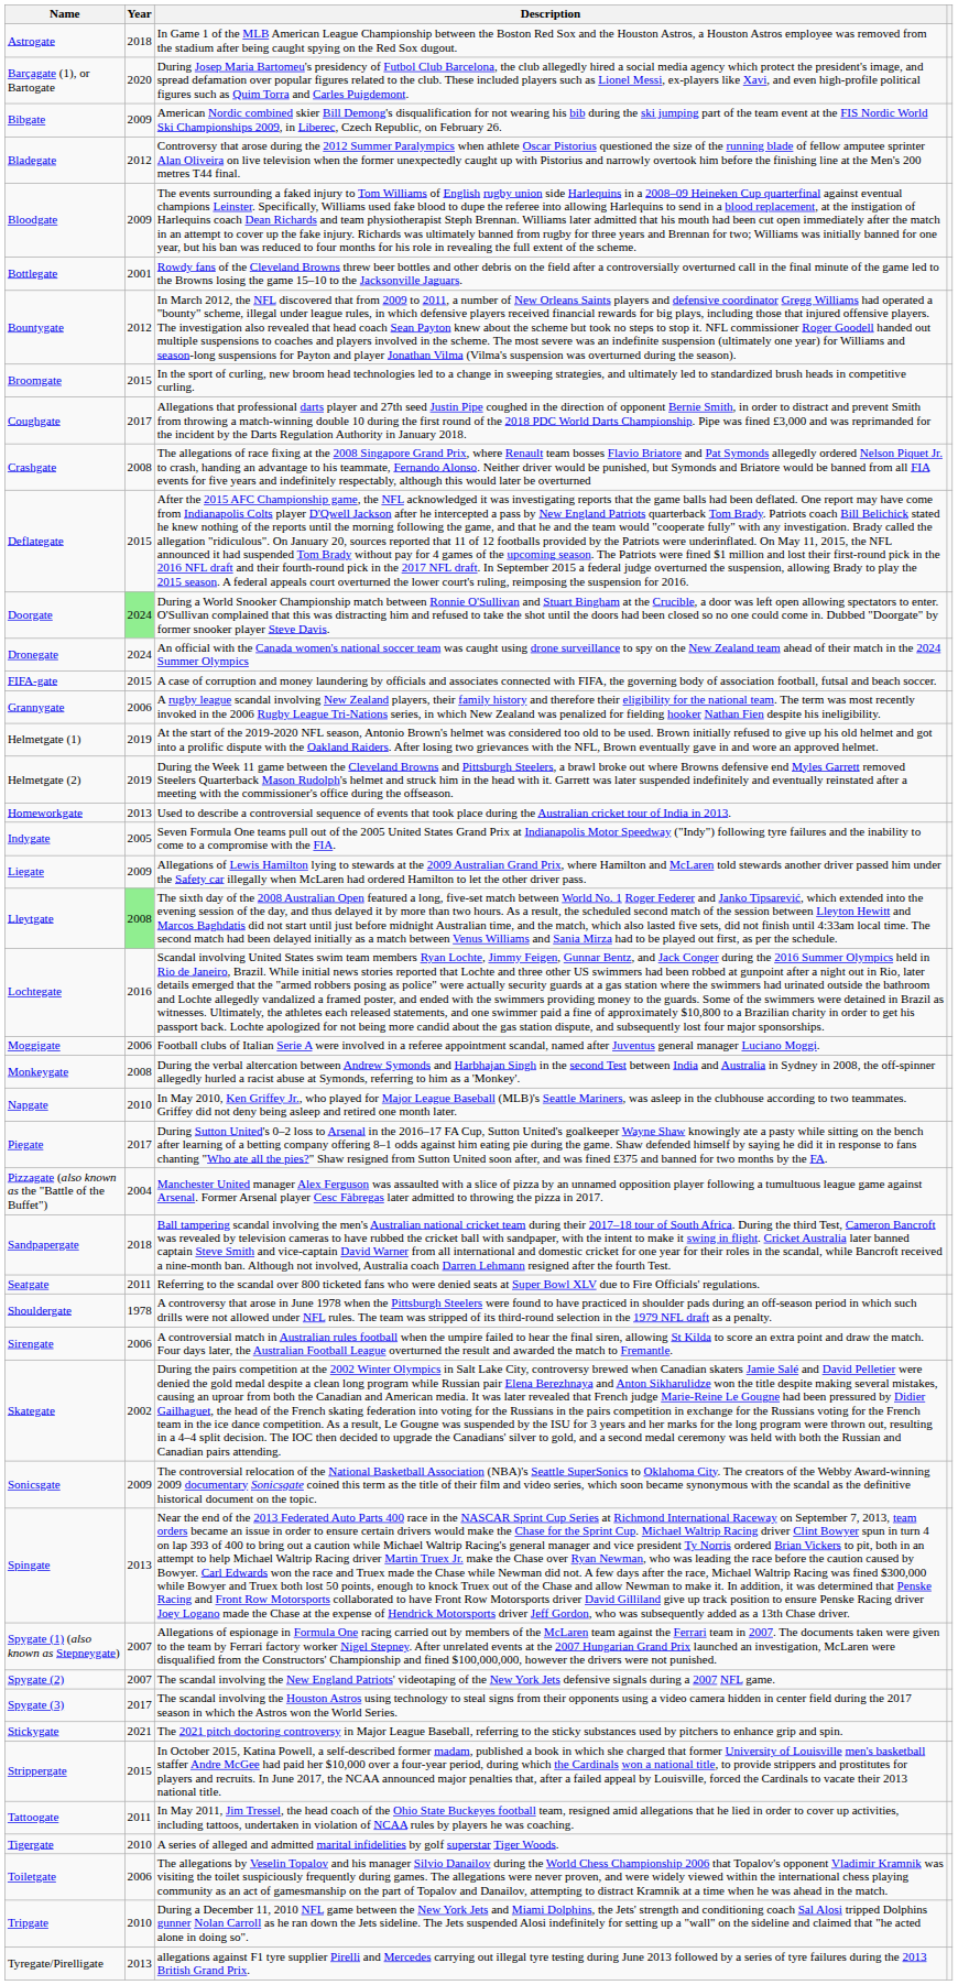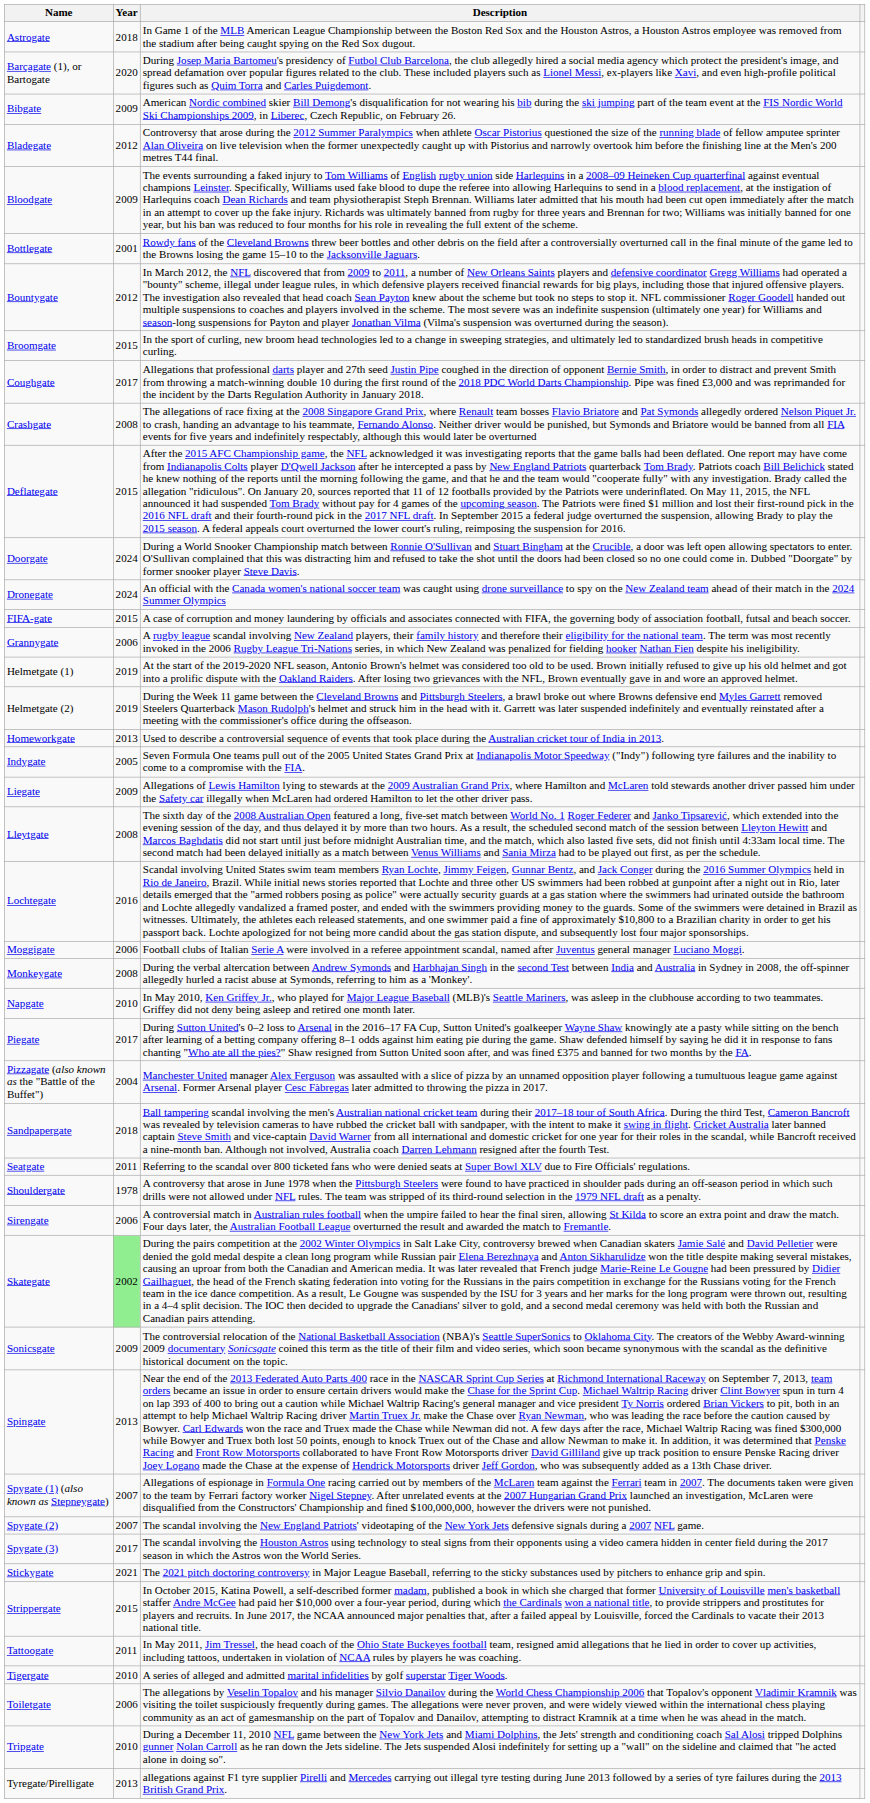 <table class="wikitable sortable">
 <tr>
 <th>Name</th>
 <th>Year</th>
 <th>Description</th>
 <th></th>
 </tr>
 <tr>
 <td><a href='#'>Astrogate</a></td>
 <td>2018</td>
 <td>In Game 1 of the <a href='#'>MLB</a> American League Championship between the Boston Red Sox and the Houston Astros, a Houston Astros employee was removed from the stadium after being caught spying on the Red Sox dugout.</td>
 <td></td>
 </tr>
 <tr>
 <td><a href='#'>Barçagate</a> (1), or Bartogate</td>
 <td>2020</td>
 <td>During <a href='#'>Josep Maria Bartomeu</a>'s presidency of <a href='#'>Futbol Club Barcelona</a>, the club allegedly hired a social media agency which protect the president's image, and spread defamation over popular figures related to the club. These included players such as <a href='#'>Lionel Messi</a>, ex-players like <a href='#'>Xavi</a>, and even high-profile political figures such as <a href='#'>Quim Torra</a> and <a href='#'>Carles Puigdemont</a>.</td>
 <td></td>
 </tr>
 <tr>
 <td><a href='#'>Bibgate</a></td>
 <td>2009</td>
 <td>American <a href='#'>Nordic combined</a> skier <a href='#'>Bill Demong</a>'s disqualification for not wearing his <a href='#'>bib</a> during the <a href='#'>ski jumping</a> part of the team event at the <a href='#'>FIS Nordic World Ski Championships 2009</a>, in <a href='#'>Liberec</a>, Czech Republic, on February 26.</td>
 <td></td>
 </tr>
 <tr>
 <td><a href='#'>Bladegate</a></td>
 <td>2012</td>
 <td>Controversy that arose during the <a href='#'>2012 Summer Paralympics</a> when athlete <a href='#'>Oscar Pistorius</a> questioned the size of the <a href='#'>running blade</a> of fellow amputee sprinter <a href='#'>Alan Oliveira</a> on live television when the former unexpectedly caught up with Pistorius and narrowly overtook him before the finishing line at the Men's 200 metres T44 final.</td>
 <td></td>
 </tr>
 <tr>
 <td><a href='#'>Bloodgate</a></td>
 <td>2009</td>
 <td>The events surrounding a faked injury to <a href='#'>Tom Williams</a> of <a href='#'>English</a> <a href='#'>rugby union</a> side <a href='#'>Harlequins</a> in a <a href='#'>2008–09 Heineken Cup quarterfinal</a> against eventual champions <a href='#'>Leinster</a>. Specifically, Williams used fake blood to dupe the referee into allowing Harlequins to send in a <a href='#'>blood replacement</a>, at the instigation of Harlequins coach <a href='#'>Dean Richards</a> and team physiotherapist Steph Brennan. Williams later admitted that his mouth had been cut open immediately after the match in an attempt to cover up the fake injury. Richards was ultimately banned from rugby for three years and Brennan for two; Williams was initially banned for one year, but his ban was reduced to four months for his role in revealing the full extent of the scheme.</td>
 <td></td>
 </tr>
 <tr>
 <td><a href='#'>Bottlegate</a></td>
 <td>2001</td>
 <td><a href='#'>Rowdy fans</a> of the <a href='#'>Cleveland Browns</a> threw beer bottles and other debris on the field after a controversially overturned call in the final minute of the game led to the Browns losing the game 15–10 to the <a href='#'>Jacksonville Jaguars</a>.</td>
 <td></td>
 </tr>
 <tr>
 <td><a href='#'>Bountygate</a></td>
 <td>2012</td>
 <td>In March 2012, the <a href='#'>NFL</a> discovered that from <a href='#'>2009</a> to <a href='#'>2011</a>, a number of <a href='#'>New Orleans Saints</a> players and <a href='#'>defensive coordinator</a> <a href='#'>Gregg Williams</a> had operated a "bounty" scheme, illegal under league rules, in which defensive players received financial rewards for big plays, including those that injured offensive players. The investigation also revealed that head coach <a href='#'>Sean Payton</a> knew about the scheme but took no steps to stop it. NFL commissioner <a href='#'>Roger Goodell</a> handed out multiple suspensions to coaches and players involved in the scheme. The most severe was an indefinite suspension (ultimately one year) for Williams and <a href='#'>season</a>-long suspensions for Payton and player <a href='#'>Jonathan Vilma</a> (Vilma's suspension was overturned during the season).</td>
 <td></td>
 </tr>
 <tr>
 <td><a href='#'>Broomgate</a></td>
 <td>2015</td>
 <td>In the sport of curling, new broom head technologies led to a change in sweeping strategies, and ultimately led to standardized brush heads in competitive curling.</td>
 <td></td>
 </tr>
 <tr>
 <td><a href='#'>Coughgate</a></td>
 <td>2017</td>
 <td>Allegations that professional <a href='#'>darts</a> player and 27th seed <a href='#'>Justin Pipe</a> coughed in the direction of opponent <a href='#'>Bernie Smith</a>, in order to distract and prevent Smith from throwing a match-winning double 10 during the first round of the <a href='#'>2018 PDC World Darts Championship</a>. Pipe was fined £3,000 and was reprimanded for the incident by the Darts Regulation Authority in January 2018.</td>
 <td></td>
 </tr>
 <tr>
 <td><a href='#'>Crashgate</a></td>
 <td>2008</td>
 <td>The allegations of race fixing at the <a href='#'>2008 Singapore Grand Prix</a>, where <a href='#'>Renault</a> team bosses <a href='#'>Flavio Briatore</a> and <a href='#'>Pat Symonds</a> allegedly ordered <a href='#'>Nelson Piquet Jr.</a> to crash, handing an advantage to his teammate, <a href='#'>Fernando Alonso</a>. Neither driver would be punished, but Symonds and Briatore would be banned from all <a href='#'>FIA</a> events for five years and indefinitely respectably, although this would later be overturned</td>
 <td></td>
 </tr>
 <tr>
 <td><a href='#'>Deflategate</a></td>
 <td>2015</td>
 <td>After the <a href='#'>2015 AFC Championship game</a>, the <a href='#'>NFL</a> acknowledged it was investigating reports that the game balls had been deflated. One report may have come from <a href='#'>Indianapolis Colts</a> player <a href='#'>D'Qwell Jackson</a> after he intercepted a pass by <a href='#'>New England Patriots</a> quarterback <a href='#'>Tom Brady</a>. Patriots coach <a href='#'>Bill Belichick</a> stated he knew nothing of the reports until the morning following the game, and that he and the team would "cooperate fully" with any investigation. Brady called the allegation "ridiculous". On January 20, sources reported that 11 of 12 footballs provided by the Patriots were underinflated. On May 11, 2015, the NFL announced it had suspended <a href='#'>Tom Brady</a> without pay for 4 games of the <a href='#'>upcoming season</a>. The Patriots were fined $1 million and lost their first-round pick in the <a href='#'>2016 NFL draft</a> and their fourth-round pick in the <a href='#'>2017 NFL draft</a>. In September 2015 a federal judge overturned the suspension, allowing Brady to play the <a href='#'>2015 season</a>. A federal appeals court overturned the lower court's ruling, reimposing the suspension for 2016.</td>
 <td></td>
 </tr>
 <tr>
 <td><a href='#'>Doorgate</a></td>
-<td style="background: lightgreen;">2024</td>
+<td>2024</td>
 <td>During a World Snooker Championship match between <a href='#'>Ronnie O'Sullivan</a> and <a href='#'>Stuart Bingham</a> at the <a href='#'>Crucible</a>, a door was left open allowing spectators to enter. O'Sullivan complained that this was distracting him and refused to take the shot until the doors had been closed so no one could come in. Dubbed "Doorgate" by former snooker player <a href='#'>Steve Davis</a>.</td>
 <td></td>
 </tr>
 <tr>
 <td><a href='#'>Dronegate</a></td>
 <td>2024</td>
 <td>An official with the <a href='#'>Canada women's national soccer team</a> was caught using <a href='#'>drone surveillance</a> to spy on the <a href='#'>New Zealand team</a> ahead of their match in the <a href='#'>2024 Summer Olympics</a></td>
 <td></td>
 </tr>
 <tr>
 <td><a href='#'>FIFA-gate</a></td>
 <td>2015</td>
 <td>A case of corruption and money laundering by officials and associates connected with FIFA, the governing body of association football, futsal and beach soccer.</td>
 <td></td>
 </tr>
 <tr>
 <td><a href='#'>Grannygate</a></td>
 <td>2006</td>
 <td>A <a href='#'>rugby league</a> scandal involving <a href='#'>New Zealand</a> players, their <a href='#'>family history</a> and therefore their <a href='#'>eligibility for the national team</a>. The term was most recently invoked in the 2006 <a href='#'>Rugby League Tri-Nations</a> series, in which New Zealand was penalized for fielding <a href='#'>hooker</a> <a href='#'>Nathan Fien</a> despite his ineligibility.</td>
 <td></td>
 </tr>
 <tr>
 <td>Helmetgate (1)</td>
 <td>2019</td>
 <td>At the start of the 2019-2020 NFL season, Antonio Brown's helmet was considered too old to be used. Brown initially refused to give up his old helmet and got into a prolific dispute with the <a href='#'>Oakland Raiders</a>. After losing two grievances with the NFL, Brown eventually gave in and wore an approved helmet.</td>
 <td></td>
 </tr>
 <tr>
 <td>Helmetgate (2)</td>
 <td>2019</td>
 <td>During the Week 11 game between the <a href='#'>Cleveland Browns</a> and <a href='#'>Pittsburgh Steelers</a>, a brawl broke out where Browns defensive end <a href='#'>Myles Garrett</a> removed Steelers Quarterback <a href='#'>Mason Rudolph</a>'s helmet and struck him in the head with it. Garrett was later suspended indefinitely and eventually reinstated after a meeting with the commissioner's office during the offseason.</td>
 <td></td>
 </tr>
 <tr>
 <td><a href='#'>Homeworkgate</a></td>
 <td>2013</td>
 <td>Used to describe a controversial sequence of events that took place during the <a href='#'>Australian cricket tour of India in 2013</a>.</td>
 <td></td>
 </tr>
 <tr>
 <td><a href='#'>Indygate</a></td>
 <td>2005</td>
 <td>Seven Formula One teams pull out of the 2005 United States Grand Prix at <a href='#'>Indianapolis Motor Speedway</a> ("Indy") following tyre failures and the inability to come to a compromise with the <a href='#'>FIA</a>.</td>
 <td></td>
 </tr>
 <tr>
 <td><a href='#'>Liegate</a></td>
 <td>2009</td>
 <td>Allegations of <a href='#'>Lewis Hamilton</a> lying to stewards at the <a href='#'>2009 Australian Grand Prix</a>, where Hamilton and <a href='#'>McLaren</a> told stewards another driver passed him under the <a href='#'>Safety car</a> illegally when McLaren had ordered Hamilton to let the other driver pass.</td>
 <td></td>
 </tr>
 <tr>
 <td><a href='#'>Lleytgate</a></td>
-<td style="background: lightgreen;">2008</td>
+<td>2008</td>
 <td>The sixth day of the <a href='#'>2008 Australian Open</a> featured a long, five-set match between <a href='#'>World No. 1</a> <a href='#'>Roger Federer</a> and <a href='#'>Janko Tipsarević</a>, which extended into the evening session of the day, and thus delayed it by more than two hours. As a result, the scheduled second match of the session between <a href='#'>Lleyton Hewitt</a> and <a href='#'>Marcos Baghdatis</a> did not start until just before midnight Australian time, and the match, which also lasted five sets, did not finish until 4:33am local time. The second match had been delayed initially as a match between <a href='#'>Venus Williams</a> and <a href='#'>Sania Mirza</a> had to be played out first, as per the schedule.</td>
 <td></td>
 </tr>
 <tr>
 <td><a href='#'>Lochtegate</a></td>
 <td>2016</td>
 <td>Scandal involving United States swim team members <a href='#'>Ryan Lochte</a>, <a href='#'>Jimmy Feigen</a>, <a href='#'>Gunnar Bentz</a>, and <a href='#'>Jack Conger</a> during the <a href='#'>2016 Summer Olympics</a> held in <a href='#'>Rio de Janeiro</a>, Brazil. While initial news stories reported that Lochte and three other US swimmers had been robbed at gunpoint after a night out in Rio, later details emerged that the "armed robbers posing as police" were actually security guards at a gas station where the swimmers had urinated outside the bathroom and Lochte allegedly vandalized a framed poster, and ended with the swimmers providing money to the guards. Some of the swimmers were detained in Brazil as witnesses. Ultimately, the athletes each released statements, and one swimmer paid a fine of approximately $10,800 to a Brazilian charity in order to get his passport back. Lochte apologized for not being more candid about the gas station dispute, and subsequently lost four major sponsorships.</td>
 <td></td>
 </tr>
 <tr>
 <td><a href='#'>Moggigate</a></td>
 <td>2006</td>
 <td>Football clubs of Italian <a href='#'>Serie A</a> were involved in a referee appointment scandal, named after <a href='#'>Juventus</a> general manager <a href='#'>Luciano Moggi</a>.</td>
 <td></td>
 </tr>
 <tr>
 <td><a href='#'>Monkeygate</a></td>
 <td>2008</td>
 <td>During the verbal altercation between <a href='#'>Andrew Symonds</a> and <a href='#'>Harbhajan Singh</a> in the <a href='#'>second Test</a> between <a href='#'>India</a> and <a href='#'>Australia</a> in Sydney in 2008, the off-spinner allegedly hurled a racist abuse at Symonds, referring to him as a 'Monkey'. </td>
 <td></td>
 </tr>
 <tr>
 <td><a href='#'>Napgate</a></td>
 <td>2010</td>
 <td>In May 2010, <a href='#'>Ken Griffey Jr.</a>, who played for <a href='#'>Major League Baseball</a> (MLB)'s <a href='#'>Seattle Mariners</a>, was asleep in the clubhouse according to two teammates. Griffey did not deny being asleep and retired one month later.</td>
 <td></td>
 </tr>
 <tr>
 <td><a href='#'>Piegate</a></td>
 <td>2017</td>
 <td>During <a href='#'>Sutton United</a>'s 0–2 loss to <a href='#'>Arsenal</a> in the 2016–17 FA Cup, Sutton United's goalkeeper <a href='#'>Wayne Shaw</a> knowingly ate a pasty while sitting on the bench after learning of a betting company offering 8–1 odds against him eating pie during the game. Shaw defended himself by saying he did it in response to fans chanting "<a href='#'>Who ate all the pies?</a>" Shaw resigned from Sutton United soon after, and was fined £375 and banned for two months by the <a href='#'>FA</a>.</td>
 <td></td>
 </tr>
 <tr>
 <td><a href='#'>Pizzagate</a> (<em>also known as</em> the "Battle of the Buffet")</td>
 <td>2004</td>
 <td><a href='#'>Manchester United</a> manager <a href='#'>Alex Ferguson</a> was assaulted with a slice of pizza by an unnamed opposition player following a tumultuous league game against <a href='#'>Arsenal</a>. Former Arsenal player <a href='#'>Cesc Fàbregas</a> later admitted to throwing the pizza in 2017.</td>
 <td></td>
 </tr>
 <tr>
 <td><a href='#'>Sandpapergate</a></td>
 <td>2018</td>
 <td><a href='#'>Ball tampering</a> scandal involving the men's <a href='#'>Australian national cricket team</a> during their <a href='#'>2017–18 tour of South Africa</a>. During the third Test, <a href='#'>Cameron Bancroft</a> was revealed by television cameras to have rubbed the cricket ball with sandpaper, with the intent to make it <a href='#'>swing in flight</a>. <a href='#'>Cricket Australia</a> later banned captain <a href='#'>Steve Smith</a> and vice-captain <a href='#'>David Warner</a> from all international and domestic cricket for one year for their roles in the scandal, while Bancroft received a nine-month ban. Although not involved, Australia coach <a href='#'>Darren Lehmann</a> resigned after the fourth Test.</td>
 <td></td>
 </tr>
 <tr>
 <td><a href='#'>Seatgate</a></td>
 <td>2011</td>
 <td>Referring to the scandal over 800 ticketed fans who were denied seats at <a href='#'>Super Bowl XLV</a> due to Fire Officials' regulations.</td>
 <td></td>
 </tr>
 <tr>
 <td><a href='#'>Shouldergate</a></td>
 <td>1978</td>
 <td>A controversy that arose in June 1978 when the <a href='#'>Pittsburgh Steelers</a> were found to have practiced in shoulder pads during an off-season period in which such drills were not allowed under <a href='#'>NFL</a> rules. The team was stripped of its third-round selection in the <a href='#'>1979 NFL draft</a> as a penalty.</td>
 <td></td>
 </tr>
 <tr>
 <td><a href='#'>Sirengate</a></td>
 <td>2006</td>
 <td>A controversial match in <a href='#'>Australian rules football</a> when the umpire failed to hear the final siren, allowing <a href='#'>St Kilda</a> to score an extra point and draw the match. Four days later, the <a href='#'>Australian Football League</a> overturned the result and awarded the match to <a href='#'>Fremantle</a>.</td>
 <td></td>
 </tr>
 <tr>
 <td><a href='#'>Skategate</a></td>
-<td>2002</td>
+<td style="background: lightgreen;">2002</td>
 <td>During the pairs competition at the <a href='#'>2002 Winter Olympics</a> in Salt Lake City, controversy brewed when Canadian skaters <a href='#'>Jamie Salé</a> and <a href='#'>David Pelletier</a> were denied the gold medal despite a clean long program while Russian pair <a href='#'>Elena Berezhnaya</a> and <a href='#'>Anton Sikharulidze</a> won the title despite making several mistakes, causing an uproar from both the Canadian and American media. It was later revealed that French judge <a href='#'>Marie-Reine Le Gougne</a> had been pressured by <a href='#'>Didier Gailhaguet</a>, the head of the French skating federation into voting for the Russians in the pairs competition in exchange for the Russians voting for the French team in the ice dance competition. As a result, Le Gougne was suspended by the ISU for 3 years and her marks for the long program were thrown out, resulting in a 4–4 split decision. The IOC then decided to upgrade the Canadians' silver to gold, and a second medal ceremony was held with both the Russian and Canadian pairs attending.</td>
 <td></td>
 </tr>
 <tr>
 <td><a href='#'>Sonicsgate</a></td>
 <td>2009</td>
 <td>The controversial relocation of the <a href='#'>National Basketball Association</a> (NBA)'s <a href='#'>Seattle SuperSonics</a> to <a href='#'>Oklahoma City</a>. The creators of the Webby Award-winning 2009 <a href='#'>documentary</a> <em><a href='#'>Sonicsgate</a></em> coined this term as the title of their film and video series, which soon became synonymous with the scandal as the definitive historical document on the topic.</td>
 <td></td>
 </tr>
 <tr>
 <td><a href='#'>Spingate</a></td>
 <td>2013</td>
 <td>Near the end of the <a href='#'>2013 Federated Auto Parts 400</a> race in the <a href='#'>NASCAR Sprint Cup Series</a> at <a href='#'>Richmond International Raceway</a> on September 7, 2013, <a href='#'>team orders</a> became an issue in order to ensure certain drivers would make the <a href='#'>Chase for the Sprint Cup</a>. <a href='#'>Michael Waltrip Racing</a> driver <a href='#'>Clint Bowyer</a> spun in turn 4 on lap 393 of 400 to bring out a caution while Michael Waltrip Racing's general manager and vice president <a href='#'>Ty Norris</a> ordered <a href='#'>Brian Vickers</a> to pit, both in an attempt to help Michael Waltrip Racing driver <a href='#'>Martin Truex Jr.</a> make the Chase over <a href='#'>Ryan Newman</a>, who was leading the race before the caution caused by Bowyer. <a href='#'>Carl Edwards</a> won the race and Truex made the Chase while Newman did not. A few days after the race, Michael Waltrip Racing was fined $300,000 while Bowyer and Truex both lost 50 points, enough to knock Truex out of the Chase and allow Newman to make it. In addition, it was determined that <a href='#'>Penske Racing</a> and <a href='#'>Front Row Motorsports</a> collaborated to have Front Row Motorsports driver <a href='#'>David Gilliland</a> give up track position to ensure Penske Racing driver <a href='#'>Joey Logano</a> made the Chase at the expense of <a href='#'>Hendrick Motorsports</a> driver <a href='#'>Jeff Gordon</a>, who was subsequently added as a 13th Chase driver.</td>
 <td></td>
 </tr>
 <tr>
 <td><a href='#'>Spygate (1)</a> (<em>also known as</em> <a href='#'>Stepneygate</a>)</td>
 <td>2007</td>
 <td>Allegations of espionage in <a href='#'>Formula One</a> racing carried out by members of the <a href='#'>McLaren</a> team against the <a href='#'>Ferrari</a> team in <a href='#'>2007</a>. The documents taken were given to the team by Ferrari factory worker <a href='#'>Nigel Stepney</a>. After unrelated events at the <a href='#'>2007 Hungarian Grand Prix</a> launched an investigation, McLaren were disqualified from the Constructors' Championship and fined $100,000,000, however the drivers were not punished.</td>
 <td></td>
 </tr>
 <tr>
 <td><a href='#'>Spygate (2)</a></td>
 <td>2007</td>
 <td>The scandal involving the <a href='#'>New England Patriots</a>' videotaping of the <a href='#'>New York Jets</a> defensive signals during a <a href='#'>2007</a> <a href='#'>NFL</a> game.</td>
 <td></td>
 </tr>
 <tr>
 <td><a href='#'>Spygate (3)</a></td>
 <td>2017</td>
 <td>The scandal involving the <a href='#'>Houston Astros</a> using technology to steal signs from their opponents using a video camera hidden in center field during the 2017 season in which the Astros won the World Series.</td>
 <td></td>
 </tr>
 <tr>
 <td><a href='#'>Stickygate</a></td>
 <td>2021</td>
 <td>The <a href='#'>2021 pitch doctoring controversy</a> in Major League Baseball, referring to the sticky substances used by pitchers to enhance grip and spin.</td>
 <td></td>
 </tr>
 <tr>
 <td><a href='#'>Strippergate</a></td>
 <td>2015</td>
 <td>In October 2015, Katina Powell, a self-described former <a href='#'>madam</a>, published a book in which she charged that former <a href='#'>University of Louisville</a> <a href='#'>men's basketball</a> staffer <a href='#'>Andre McGee</a> had paid her $10,000 over a four-year period, during which <a href='#'>the Cardinals</a> <a href='#'>won a national title</a>, to provide strippers and prostitutes for players and recruits. In June 2017, the NCAA announced major penalties that, after a failed appeal by Louisville, forced the Cardinals to vacate their 2013 national title.</td>
 <td></td>
 </tr>
 <tr>
 <td><a href='#'>Tattoogate</a></td>
 <td>2011</td>
 <td>In May 2011, <a href='#'>Jim Tressel</a>, the head coach of the <a href='#'>Ohio State Buckeyes football</a> team, resigned amid allegations that he lied in order to cover up activities, including tattoos, undertaken in violation of <a href='#'>NCAA</a> rules by players he was coaching.</td>
 <td></td>
 </tr>
 <tr>
 <td><a href='#'>Tigergate</a></td>
 <td>2010</td>
 <td>A series of alleged and admitted <a href='#'>marital infidelities</a> by golf <a href='#'>superstar</a> <a href='#'>Tiger Woods</a>.</td>
 <td></td>
 </tr>
 <tr>
 <td><a href='#'>Toiletgate</a></td>
 <td>2006</td>
 <td>The allegations by <a href='#'>Veselin Topalov</a> and his manager <a href='#'>Silvio Danailov</a> during the <a href='#'>World Chess Championship 2006</a> that Topalov's opponent <a href='#'>Vladimir Kramnik</a> was visiting the toilet suspiciously frequently during games. The allegations were never proven, and were widely viewed within the international chess playing community as an act of gamesmanship on the part of Topalov and Danailov, attempting to distract Kramnik at a time when he was ahead in the match.</td>
 <td></td>
 </tr>
 <tr>
 <td><a href='#'>Tripgate</a></td>
 <td>2010</td>
 <td>During a December 11, 2010 <a href='#'>NFL</a> game between the <a href='#'>New York Jets</a> and <a href='#'>Miami Dolphins</a>, the Jets' strength and conditioning coach <a href='#'>Sal Alosi</a> tripped Dolphins <a href='#'>gunner</a> <a href='#'>Nolan Carroll</a> as he ran down the Jets sideline. The Jets suspended Alosi indefinitely for setting up a "wall" on the sideline and claimed that "he acted alone in doing so".</td>
 <td></td>
 </tr>
 <tr>
 <td>Tyregate/Pirelligate</td>
 <td>2013</td>
 <td>allegations against F1 tyre supplier <a href='#'>Pirelli</a> and <a href='#'>Mercedes</a> carrying out illegal tyre testing during June 2013 followed by a series of tyre failures during the <a href='#'>2013 British Grand Prix</a>.</td>
 </tr>
 </table>
